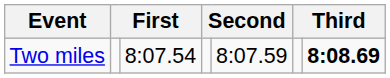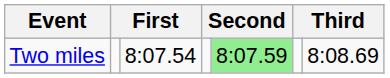 <table class=wikitable>
 <tr>
 <th>Event</th>
 <th colspan=2>First</th>
 <th colspan=2>Second</th>
 <th colspan=2>Third</th>
 </tr>
 <tr>
 <td><a href='#'>Two miles</a></td>
 <td></td>
 <td>8:07.54  </td>
 <td></td>
-<td>8:07.59 </td>
+<td style="background: lightgreen;">8:07.59 </td>
 <td></td>
-<td><strong>8:08.69 </strong></td>
+<td>8:08.69 </td>
 </tr>
 </table>
